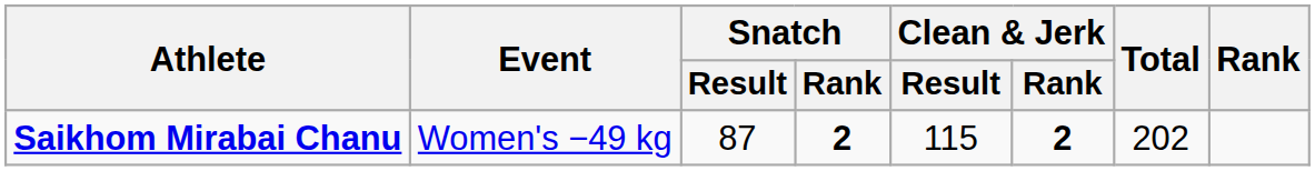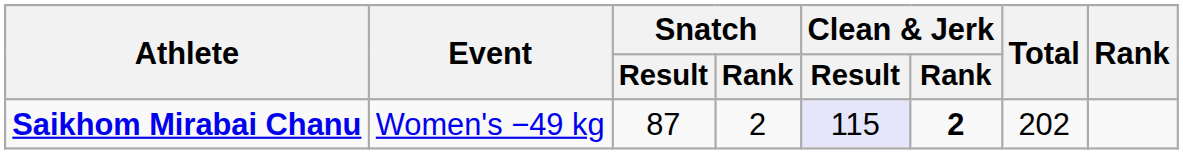 <table class="wikitable" style="font-size:90%">
 <tr>
 <th rowspan="2">Athlete</th>
 <th rowspan="2">Event</th>
 <th colspan="2">Snatch</th>
 <th colspan="2">Clean & Jerk</th>
 <th rowspan="2">Total</th>
 <th rowspan="2">Rank</th>
 </tr>
 <tr style="font-size:95%">
 <th>Result</th>
 <th>Rank</th>
 <th>Result</th>
 <th>Rank</th>
 </tr>
 <tr align=center>
 <td align=left><strong><a href='#'>Saikhom Mirabai Chanu</a></strong></td>
 <td align=left><a href='#'>Women's −49 kg</a></td>
 <td>87</td>
-<td><strong>2</strong></td>
-<td>115</td>
+<td>2</td>
+<td style="background: lavender;">115</td>
 <td><strong>2</strong></td>
 <td>202</td>
 <td></td>
 </tr>
 </table>
